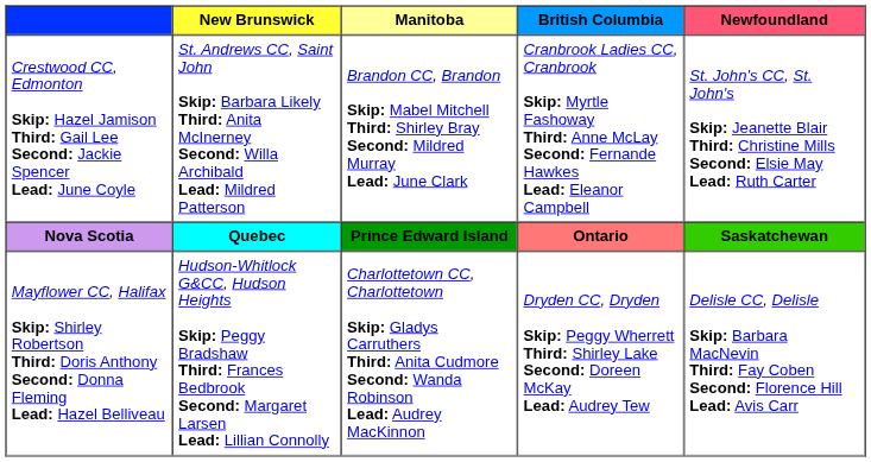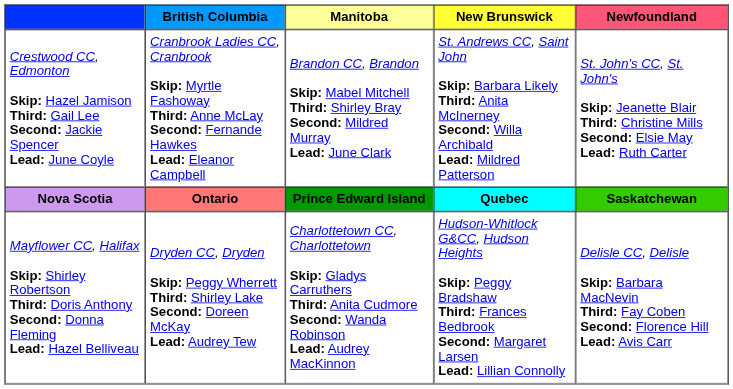 <table border=1 cellpadding=5 cellspacing=0>
 <tr>
 <th bgcolor="#0033ff" width="225"></th>
+<th bgcolor="#0099ff" width="225">British Columbia</th>
+<th bgcolor="#ffff99" width="225">Manitoba</th>
 <th bgcolor="#ffff33" width="225">New Brunswick</th>
-<th bgcolor="#ffff99" width="225">Manitoba</th>
-<th bgcolor="#0099ff" width="225">British Columbia</th>
 <th bgcolor="#ff5577" width="225">Newfoundland</th>
 </tr>
 <tr>
 <td><em><a href='#'>Crestwood CC</a>, <a href='#'>Edmonton</a></em> <br><br><strong>Skip:</strong> <a href='#'>Hazel Jamison</a> <br> <strong>Third:</strong> <a href='#'>Gail Lee</a> <br> <strong>Second:</strong> <a href='#'>Jackie Spencer</a> <br> <strong>Lead:</strong> <a href='#'>June Coyle</a></td>
+<td><em><a href='#'>Cranbrook Ladies CC</a>, <a href='#'>Cranbrook</a></em> <br><br><strong>Skip:</strong>  <a href='#'>Myrtle Fashoway</a> <br> <strong>Third:</strong>  <a href='#'>Anne McLay</a> <br> <strong>Second:</strong>  <a href='#'>Fernande Hawkes</a> <br> <strong>Lead:</strong> <a href='#'>Eleanor Campbell</a></td>
+<td><em><a href='#'>Brandon CC</a>, <a href='#'>Brandon</a></em> <br><br><strong>Skip:</strong> <a href='#'>Mabel Mitchell</a> <br> <strong>Third:</strong> <a href='#'>Shirley Bray</a> <br> <strong>Second:</strong> <a href='#'>Mildred Murray</a> <br> <strong>Lead:</strong> <a href='#'>June Clark</a></td>
 <td><em><a href='#'>St. Andrews CC</a>, <a href='#'>Saint John</a></em> <br><br><strong>Skip:</strong> <a href='#'>Barbara Likely</a> <br> <strong>Third:</strong> <a href='#'>Anita McInerney</a> <br> <strong>Second:</strong> <a href='#'>Willa Archibald</a> <br> <strong>Lead:</strong> <a href='#'>Mildred Patterson</a></td>
-<td><em><a href='#'>Brandon CC</a>, <a href='#'>Brandon</a></em> <br><br><strong>Skip:</strong> <a href='#'>Mabel Mitchell</a> <br> <strong>Third:</strong> <a href='#'>Shirley Bray</a> <br> <strong>Second:</strong> <a href='#'>Mildred Murray</a> <br> <strong>Lead:</strong> <a href='#'>June Clark</a></td>
-<td><em><a href='#'>Cranbrook Ladies CC</a>, <a href='#'>Cranbrook</a></em> <br><br><strong>Skip:</strong>  <a href='#'>Myrtle Fashoway</a> <br> <strong>Third:</strong>  <a href='#'>Anne McLay</a> <br> <strong>Second:</strong>  <a href='#'>Fernande Hawkes</a> <br> <strong>Lead:</strong> <a href='#'>Eleanor Campbell</a></td>
 <td><em><a href='#'>St. John's CC</a>, <a href='#'>St. John's</a></em> <br><br><strong>Skip:</strong> <a href='#'>Jeanette Blair</a> <br> <strong>Third:</strong> <a href='#'>Christine Mills</a> <br> <strong>Second:</strong> <a href='#'>Elsie May</a> <br> <strong>Lead:</strong> <a href='#'>Ruth Carter</a></td>
 </tr>
 <tr border=1 cellpadding=5 cellspacing=0>
 <th bgcolor="#cc99ee" width="200">Nova Scotia</th>
+<th bgcolor="#ff7777" width="200">Ontario</th>
+<th bgcolor="#009900" width="200">Prince Edward Island</th>
 <th bgcolor="#00ffff" width="200">Quebec</th>
-<th bgcolor="#009900" width="200">Prince Edward Island</th>
-<th bgcolor="#ff7777" width="200">Ontario</th>
 <th bgcolor="#33cc00" width="200">Saskatchewan</th>
 </tr>
 <tr>
 <td><em><a href='#'>Mayflower CC</a>, <a href='#'>Halifax</a></em> <br><br><strong>Skip:</strong> <a href='#'>Shirley Robertson</a> <br> <strong>Third:</strong> <a href='#'>Doris Anthony</a> <br> <strong>Second:</strong> <a href='#'>Donna Fleming</a> <br> <strong>Lead:</strong> <a href='#'>Hazel Belliveau</a></td>
+<td><em><a href='#'>Dryden CC</a>, <a href='#'>Dryden</a></em> <br><br><strong>Skip:</strong> <a href='#'>Peggy Wherrett</a> <br> <strong>Third:</strong> <a href='#'>Shirley Lake</a> <br> <strong>Second:</strong> <a href='#'>Doreen McKay</a> <br> <strong>Lead:</strong> <a href='#'>Audrey Tew</a></td>
+<td><em><a href='#'>Charlottetown CC</a>, <a href='#'>Charlottetown</a></em> <br><br><strong>Skip:</strong> <a href='#'>Gladys Carruthers</a><br> <strong>Third:</strong> <a href='#'>Anita Cudmore</a><br> <strong>Second:</strong> <a href='#'>Wanda Robinson</a><br> <strong>Lead:</strong> <a href='#'>Audrey MacKinnon</a></td>
 <td><em><a href='#'>Hudson-Whitlock G&CC</a>, <a href='#'>Hudson Heights</a></em> <br><br><strong>Skip:</strong> <a href='#'>Peggy Bradshaw</a> <br> <strong>Third:</strong> <a href='#'>Frances Bedbrook</a> <br> <strong>Second:</strong> <a href='#'>Margaret Larsen</a> <br> <strong>Lead:</strong> <a href='#'>Lillian Connolly</a></td>
-<td><em><a href='#'>Charlottetown CC</a>, <a href='#'>Charlottetown</a></em> <br><br><strong>Skip:</strong> <a href='#'>Gladys Carruthers</a><br> <strong>Third:</strong> <a href='#'>Anita Cudmore</a><br> <strong>Second:</strong> <a href='#'>Wanda Robinson</a><br> <strong>Lead:</strong> <a href='#'>Audrey MacKinnon</a></td>
-<td><em><a href='#'>Dryden CC</a>, <a href='#'>Dryden</a></em> <br><br><strong>Skip:</strong> <a href='#'>Peggy Wherrett</a> <br> <strong>Third:</strong> <a href='#'>Shirley Lake</a> <br> <strong>Second:</strong> <a href='#'>Doreen McKay</a> <br> <strong>Lead:</strong> <a href='#'>Audrey Tew</a></td>
 <td><em><a href='#'>Delisle CC</a>, <a href='#'>Delisle</a></em> <br><br><strong>Skip:</strong> <a href='#'>Barbara MacNevin</a> <br> <strong>Third:</strong> <a href='#'>Fay Coben</a><br> <strong>Second:</strong> <a href='#'>Florence Hill</a><br> <strong>Lead:</strong> <a href='#'>Avis Carr</a></td>
 </tr>
 </table>
